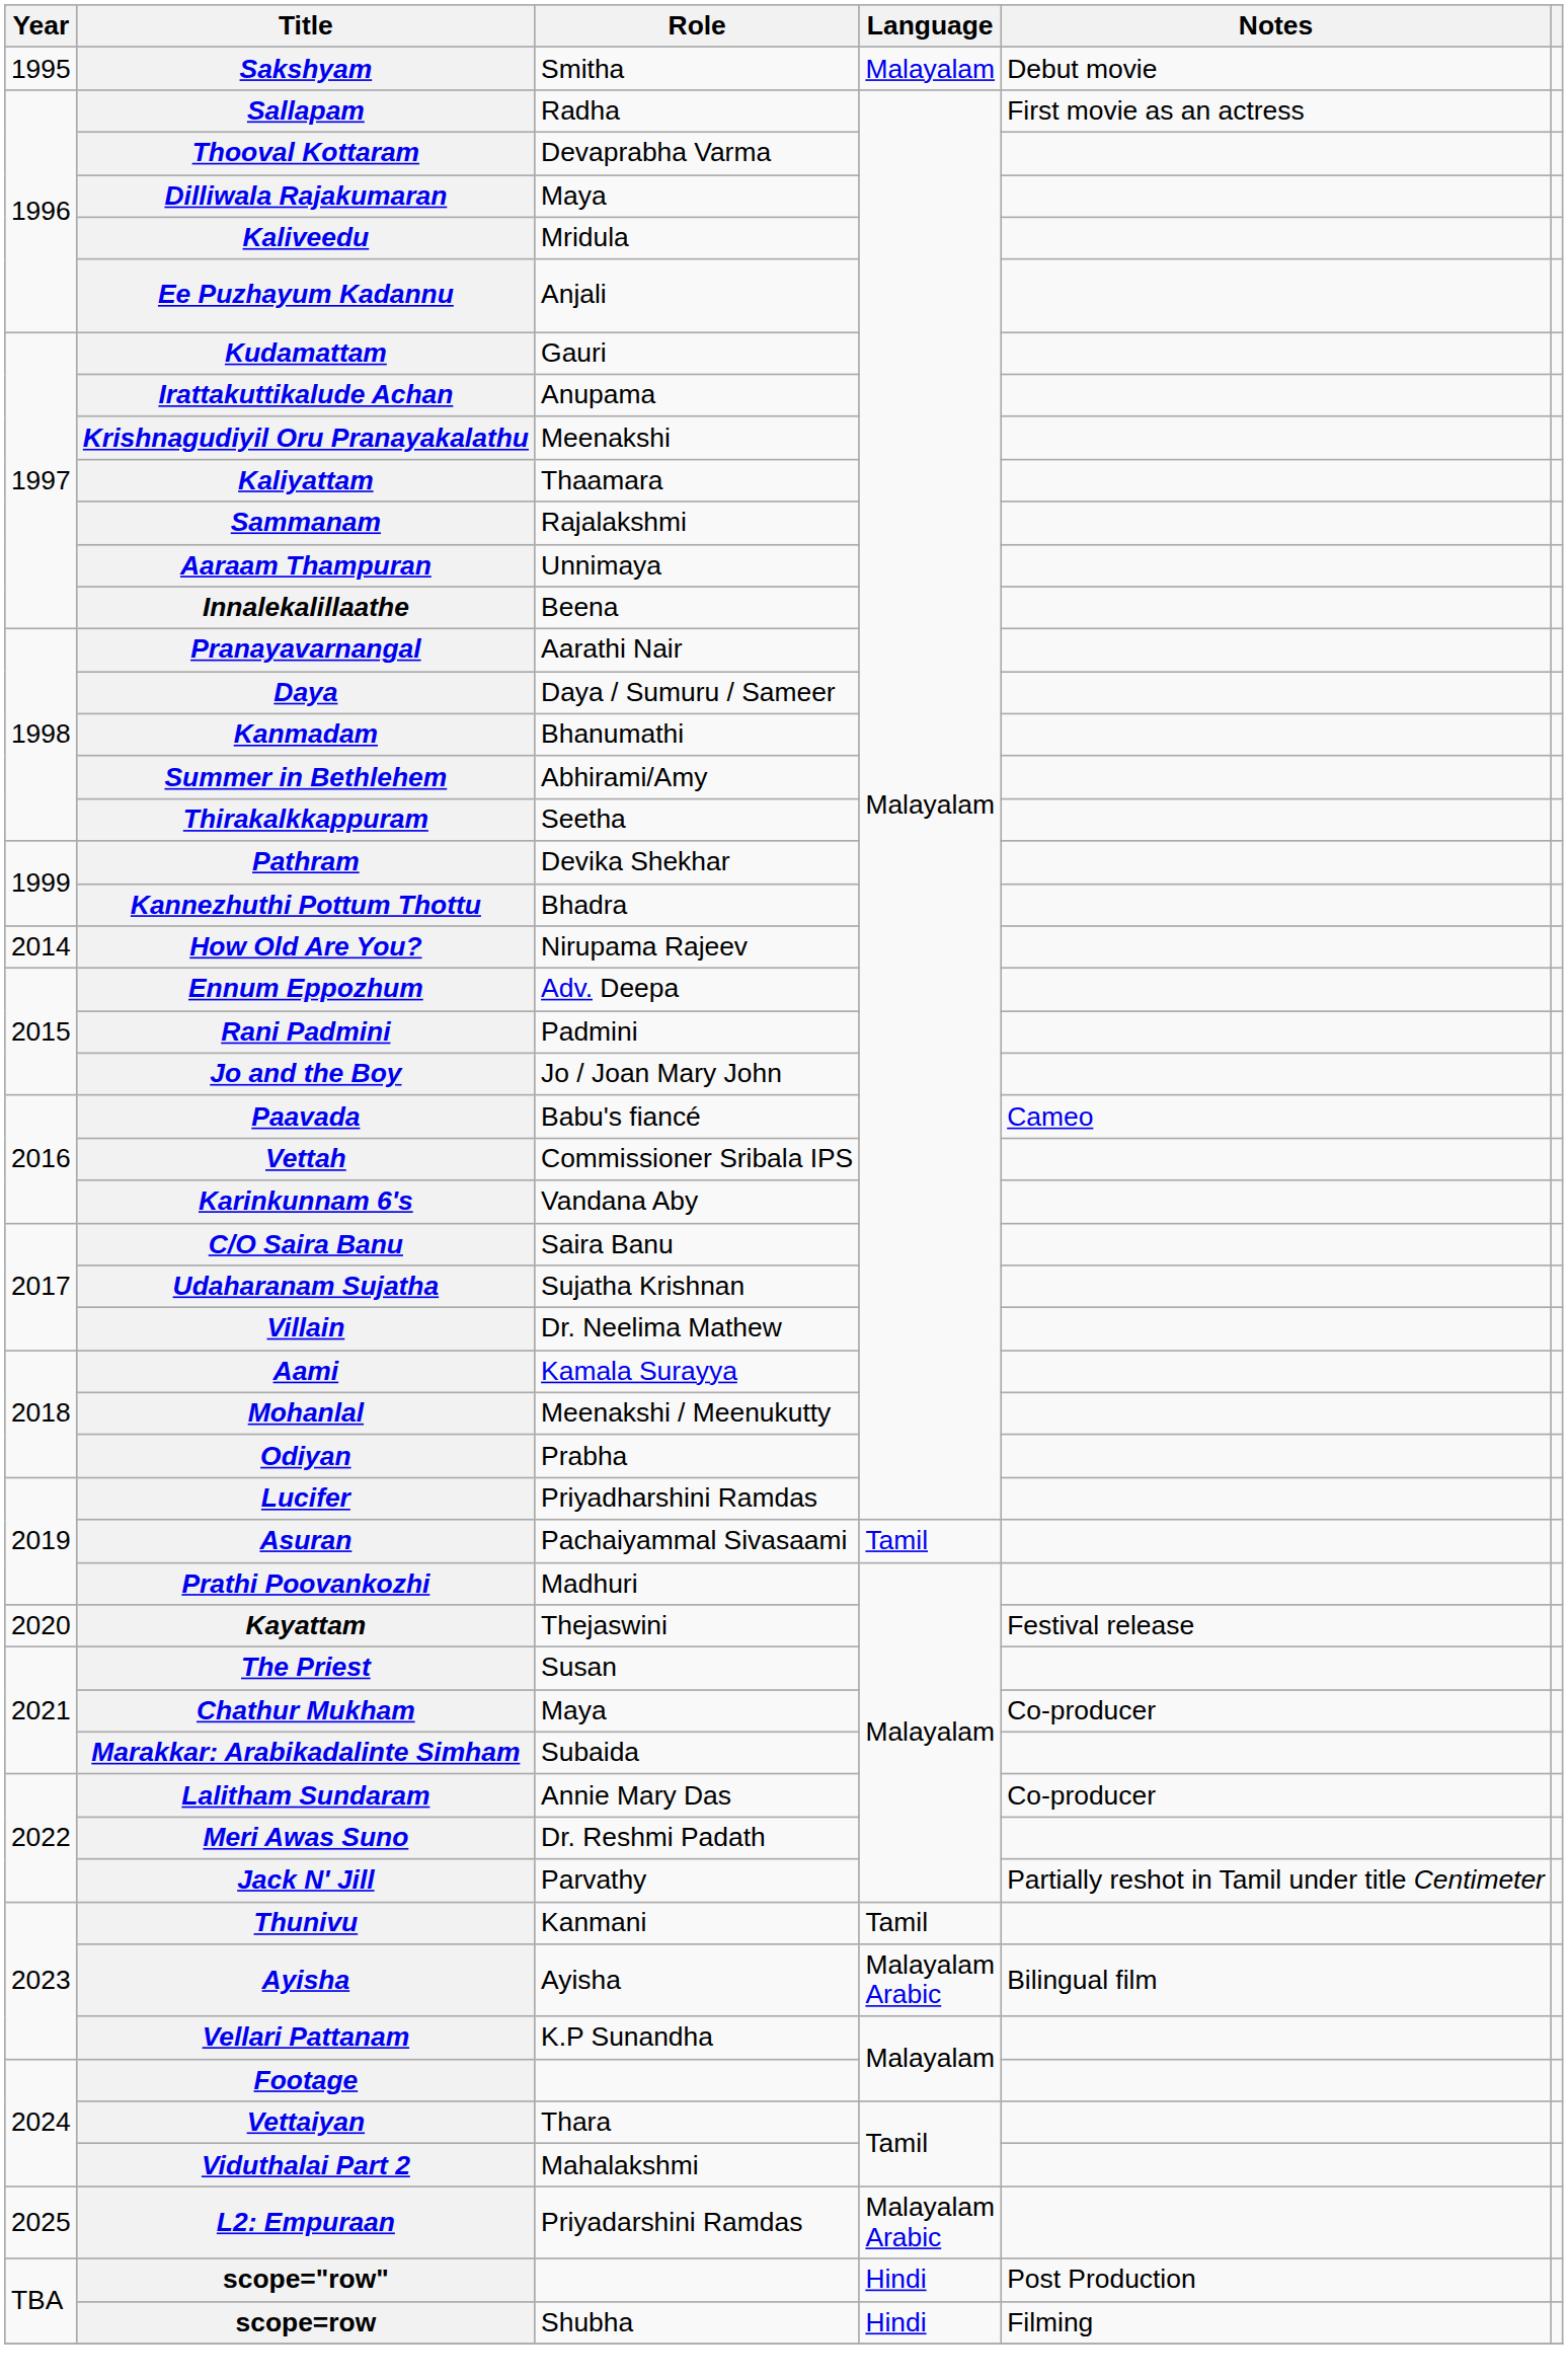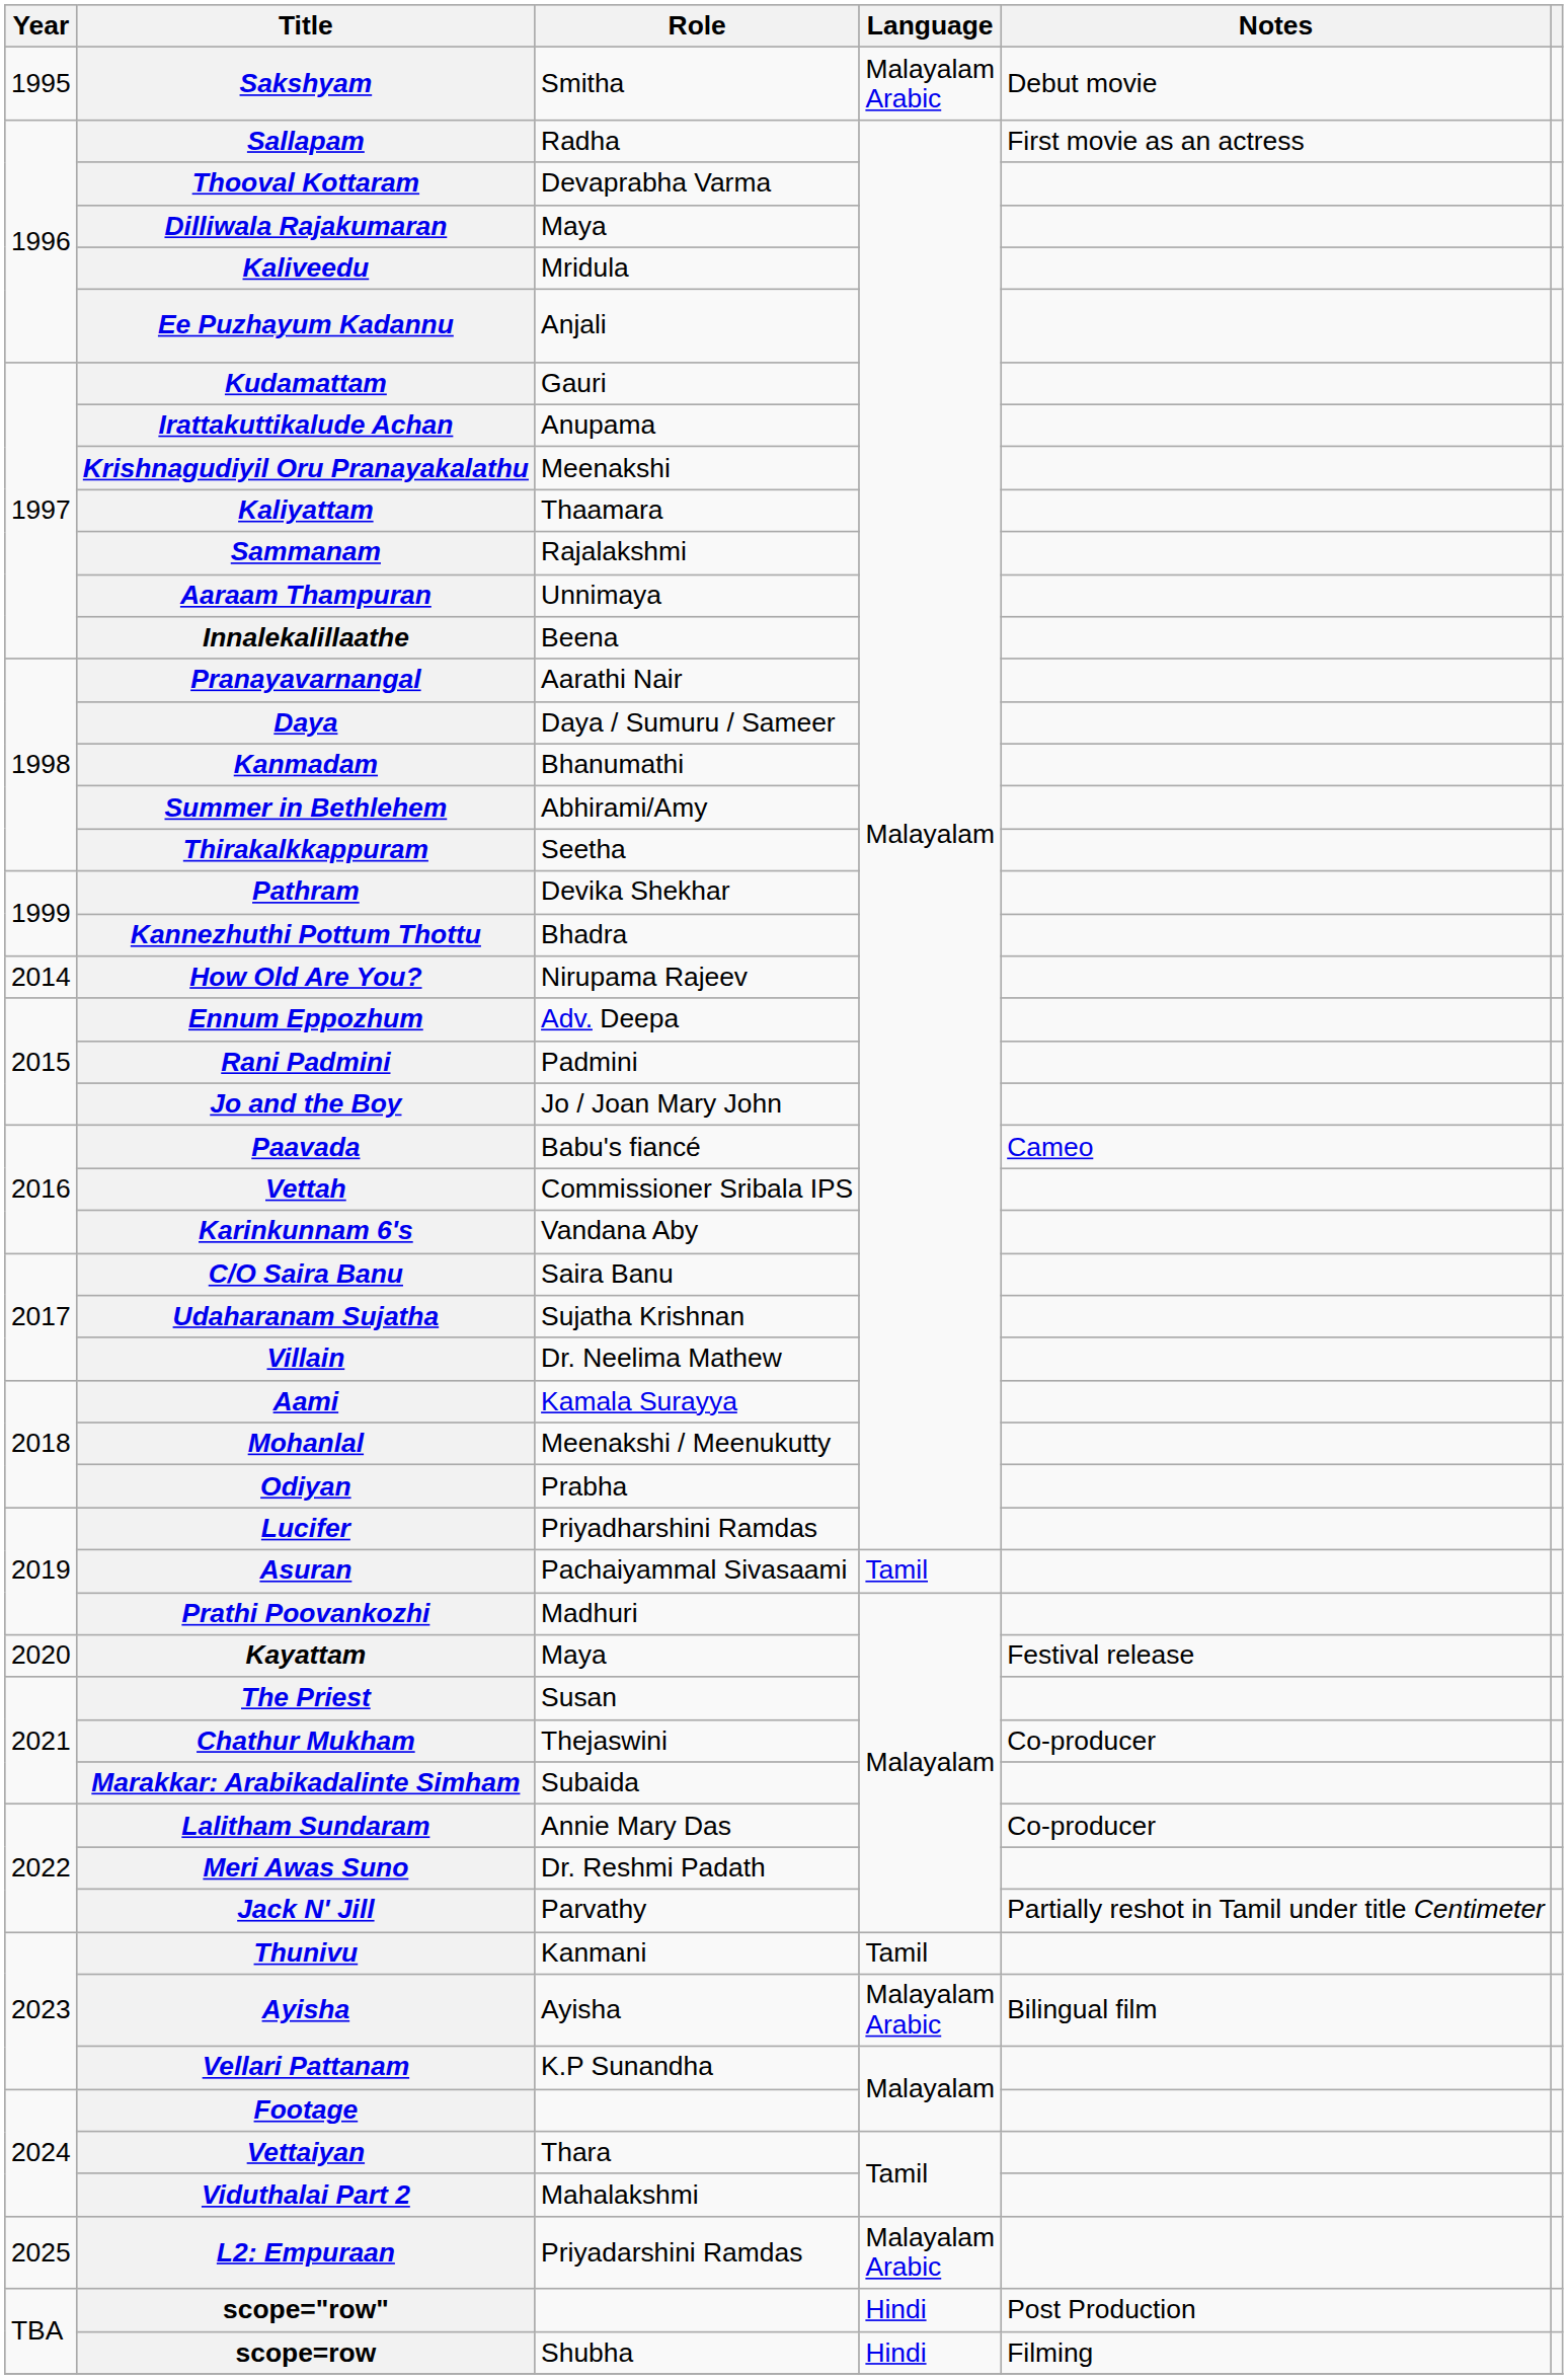 <table class="wikitable sortable plainrowheaders">
 <tr>
 <th scope="col">Year</th>
 <th scope="col">Title</th>
 <th scope="col">Role</th>
 <th scope="col">Language</th>
 <th scope="col" class="unsortable">Notes</th>
 <th scope="col" class="unsortable"></th>
 </tr>
 <tr>
 <td>1995</td>
 <th scope="row" align="left"><em><a href='#'>Sakshyam</a></em></th>
 <td>Smitha</td>
-<td><a href='#'>Malayalam</a></td>
+<td>Malayalam<br><a href='#'>Arabic</a></td>
 <td>Debut movie</td>
 <td></td>
 </tr>
 <tr>
 <td rowspan="5">1996</td>
 <th scope="row" align="left"><em><a href='#'>Sallapam</a></em></th>
 <td>Radha</td>
 <td rowspan="33">Malayalam</td>
 <td>First movie as an actress</td>
 <td></td>
 </tr>
 <tr>
 <th scope="row" align="left"><em><a href='#'>Thooval Kottaram</a></em></th>
 <td>Devaprabha Varma</td>
 <td></td>
 <td></td>
 </tr>
 <tr>
 <th scope="row" align="left"><em><a href='#'>Dilliwala Rajakumaran</a></em></th>
 <td>Maya</td>
 <td></td>
 <td></td>
 </tr>
 <tr>
 <th scope="row" align="left"><em><a href='#'>Kaliveedu</a></em></th>
 <td>Mridula</td>
 <td></td>
 <td></td>
 </tr>
 <tr>
 <th scope="row" align="left"><em><a href='#'>Ee Puzhayum Kadannu</a></em></th>
 <td>Anjali</td>
 <td></td>
 <td> <br> <br></td>
 </tr>
 <tr>
 <td rowspan="7">1997</td>
 <th scope="row" align="left"><em><a href='#'>Kudamattam</a></em></th>
 <td>Gauri</td>
 <td></td>
 <td></td>
 </tr>
 <tr>
 <th scope="row" align="left"><em><a href='#'>Irattakuttikalude Achan</a></em></th>
 <td>Anupama</td>
 <td></td>
 <td></td>
 </tr>
 <tr>
 <th scope="row" align="left"><em><a href='#'>Krishnagudiyil Oru Pranayakalathu</a></em></th>
 <td>Meenakshi</td>
 <td></td>
 <td></td>
 </tr>
 <tr>
 <th scope="row" align="left"><em><a href='#'>Kaliyattam</a></em></th>
 <td>Thaamara</td>
 <td></td>
 <td></td>
 </tr>
 <tr>
 <th scope="row" align="left"><em><a href='#'>Sammanam</a></em></th>
 <td>Rajalakshmi</td>
 <td></td>
 <td></td>
 </tr>
 <tr>
 <th scope="row" align="left"><em><a href='#'>Aaraam Thampuran</a></em></th>
 <td>Unnimaya</td>
 <td></td>
 <td> <br></td>
 </tr>
 <tr>
 <th scope="row" align="left"><em>Innalekalillaathe</em></th>
 <td>Beena</td>
 <td></td>
 <td></td>
 </tr>
 <tr>
 <td rowspan="5">1998</td>
 <th scope="row" align="left"><em><a href='#'>Pranayavarnangal</a></em></th>
 <td>Aarathi Nair</td>
 <td></td>
 <td></td>
 </tr>
 <tr>
 <th scope="row" align="left"><em><a href='#'>Daya</a></em></th>
 <td>Daya / Sumuru / Sameer</td>
 <td></td>
 <td></td>
 </tr>
 <tr>
 <th scope="row" align="left"><em><a href='#'>Kanmadam</a></em></th>
 <td>Bhanumathi</td>
 <td></td>
 <td> <br></td>
 </tr>
 <tr>
 <th scope="row" align="left"><em><a href='#'>Summer in Bethlehem</a></em></th>
 <td>Abhirami/Amy</td>
 <td></td>
 <td></td>
 </tr>
 <tr>
 <th scope="row" align="left"><em><a href='#'>Thirakalkkappuram</a></em></th>
 <td>Seetha</td>
 <td></td>
 <td></td>
 </tr>
 <tr>
 <td rowspan="2">1999</td>
 <th scope="row" align="left"><em><a href='#'>Pathram</a></em></th>
 <td>Devika Shekhar</td>
 <td></td>
 <td></td>
 </tr>
 <tr>
 <th scope="row" align="left"><em><a href='#'>Kannezhuthi Pottum Thottu</a></em></th>
 <td>Bhadra</td>
 <td></td>
 <td> <br></td>
 </tr>
 <tr>
 <td>2014</td>
 <th scope="row" align="left"><em><a href='#'>How Old Are You?</a></em></th>
 <td>Nirupama Rajeev</td>
 <td></td>
 <td> <br></td>
 </tr>
 <tr>
 <td rowspan="3">2015</td>
 <th scope="row" align="left"><em><a href='#'>Ennum Eppozhum</a></em></th>
 <td><a href='#'>Adv.</a> Deepa</td>
 <td></td>
 <td></td>
 </tr>
 <tr>
 <th scope="row" align="left"><em><a href='#'>Rani Padmini</a></em></th>
 <td>Padmini</td>
 <td></td>
 <td></td>
 </tr>
 <tr>
 <th scope="row" align="left"><em><a href='#'>Jo and the Boy</a> </em></th>
 <td>Jo / Joan Mary John</td>
 <td></td>
 <td></td>
 </tr>
 <tr>
 <td rowspan="3">2016</td>
 <th scope="row" align="left"><em><a href='#'>Paavada</a></em></th>
 <td>Babu's fiancé</td>
 <td><a href='#'>Cameo</a></td>
 <td></td>
 </tr>
 <tr>
 <th scope="row" align="left"><em><a href='#'>Vettah</a></em></th>
 <td>Commissioner Sribala IPS</td>
 <td></td>
 <td></td>
 </tr>
 <tr>
 <th scope="row" align="left"><em><a href='#'>Karinkunnam 6's</a></em></th>
 <td>Vandana Aby</td>
 <td></td>
 <td></td>
 </tr>
 <tr>
 <td rowspan=3>2017</td>
 <th scope="row" align="left"><em><a href='#'>C/O Saira Banu</a></em></th>
 <td>Saira Banu</td>
 <td></td>
 <td></td>
 </tr>
 <tr>
 <th scope="row" align="left"><em><a href='#'>Udaharanam Sujatha</a> </em></th>
 <td>Sujatha Krishnan</td>
 <td></td>
 <td></td>
 </tr>
 <tr>
 <th scope="row" align="left"><em><a href='#'>Villain</a></em></th>
 <td>Dr. Neelima Mathew</td>
 <td></td>
 <td></td>
 </tr>
 <tr>
 <td rowspan="3">2018</td>
 <th scope="row" align="left"><em><a href='#'>Aami</a></em></th>
 <td><a href='#'>Kamala Surayya</a></td>
 <td></td>
 <td> <br></td>
 </tr>
 <tr>
 <th scope="row" align="left"><em><a href='#'>Mohanlal</a></em></th>
 <td>Meenakshi / Meenukutty</td>
 <td></td>
 <td></td>
 </tr>
 <tr>
 <th scope="row" align="left"><em><a href='#'>Odiyan</a></em></th>
 <td>Prabha</td>
 <td></td>
 <td></td>
 </tr>
 <tr>
 <td rowspan="3">2019</td>
 <th scope="row" align="left"><em><a href='#'>Lucifer</a></em></th>
 <td>Priyadharshini Ramdas</td>
 <td></td>
 <td></td>
 </tr>
 <tr>
 <th scope="row" align="left"><em><a href='#'>Asuran</a></em></th>
 <td>Pachaiyammal Sivasaami</td>
 <td><a href='#'>Tamil</a></td>
 <td></td>
 <td></td>
 </tr>
 <tr>
 <th scope="row" align="left"><em><a href='#'>Prathi Poovankozhi</a></em></th>
 <td>Madhuri</td>
 <td rowspan="8">Malayalam</td>
 <td></td>
 <td></td>
 </tr>
 <tr>
 <td>2020</td>
 <th scope="row" align="left"><em>Kayattam</em></th>
-<td>Thejaswini</td>
+<td>Maya</td>
 <td>Festival release</td>
 <td></td>
 </tr>
 <tr>
 <td rowspan="3">2021</td>
 <th scope="row" align="left"><em><a href='#'>The Priest</a></em></th>
 <td>Susan</td>
 <td></td>
 <td></td>
 </tr>
 <tr>
 <th scope="row" align="left"><em><a href='#'>Chathur Mukham</a></em></th>
-<td>Maya</td>
+<td>Thejaswini</td>
 <td>Co-producer</td>
 <td></td>
 </tr>
 <tr>
 <th scope="row" align="left"><em><a href='#'>Marakkar: Arabikadalinte Simham</a></em></th>
 <td>Subaida</td>
 <td></td>
 <td></td>
 </tr>
 <tr>
 <td rowspan="3">2022</td>
 <th scope="row" align="left"><em><a href='#'>Lalitham Sundaram</a></em></th>
 <td>Annie Mary Das</td>
 <td>Co-producer</td>
 <td></td>
 </tr>
 <tr>
 <th scope="row" align="left"><em><a href='#'>Meri Awas Suno</a></em></th>
 <td>Dr. Reshmi Padath</td>
 <td></td>
 <td></td>
 </tr>
 <tr>
 <th scope="row" align="left"><em><a href='#'>Jack N' Jill</a></em></th>
 <td>Parvathy</td>
 <td>Partially reshot in Tamil under title <em>Centimeter</em></td>
 <td></td>
 </tr>
 <tr>
 <td rowspan="3">2023</td>
 <th scope="row"><em><a href='#'>Thunivu</a></em></th>
 <td>Kanmani</td>
 <td>Tamil</td>
 <td></td>
 <td></td>
 </tr>
 <tr>
 <th scope="row"><em><a href='#'>Ayisha</a></em></th>
 <td>Ayisha</td>
 <td>Malayalam<br><a href='#'>Arabic</a></td>
 <td>Bilingual film</td>
 <td></td>
 </tr>
 <tr>
 <th scope="row"><em><a href='#'>Vellari Pattanam</a></em></th>
 <td>K.P Sunandha</td>
 <td rowspan="2">Malayalam</td>
 <td></td>
 <td></td>
 </tr>
 <tr>
 <td rowspan="3">2024</td>
 <th scope="row"><em><a href='#'>Footage</a></em></th>
 <td></td>
 <td></td>
 <td></td>
 </tr>
 <tr>
 <th scope=row><em><a href='#'>Vettaiyan</a></em></th>
 <td>Thara</td>
 <td rowspan="2">Tamil</td>
 <td></td>
 <td></td>
 </tr>
 <tr>
 <th scope=row><em><a href='#'>Viduthalai Part 2</a></em></th>
 <td>Mahalakshmi</td>
 <td></td>
 <td></td>
 </tr>
 <tr>
 <td>2025</td>
 <th scope=row><em><a href='#'>L2: Empuraan</a></em></th>
 <td>Priyadarshini Ramdas</td>
 <td>Malayalam<br><a href='#'>Arabic</a></td>
 <td></td>
 <td></td>
 </tr>
 <tr>
 <td rowspan="2">TBA</td>
 <th>scope="row" </th>
 <td></td>
 <td><a href='#'>Hindi</a></td>
 <td>Post Production</td>
 <td></td>
 </tr>
 <tr>
 <th>scope=row </th>
 <td>Shubha</td>
 <td><a href='#'>Hindi</a></td>
 <td>Filming</td>
 <td></td>
 </tr>
 <tr>
 </tr>
 </table>
